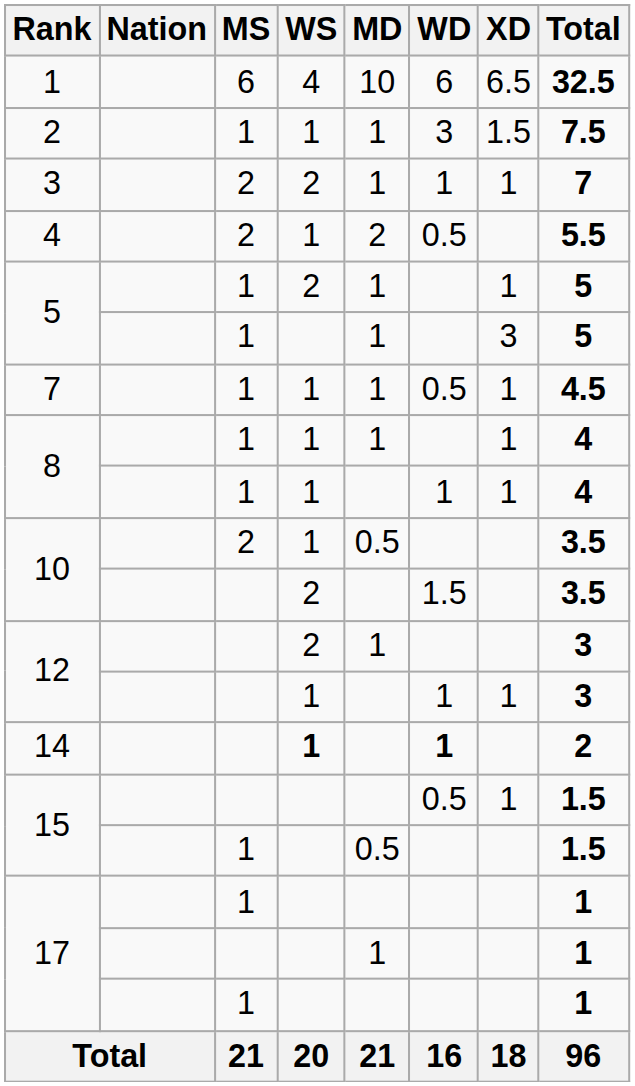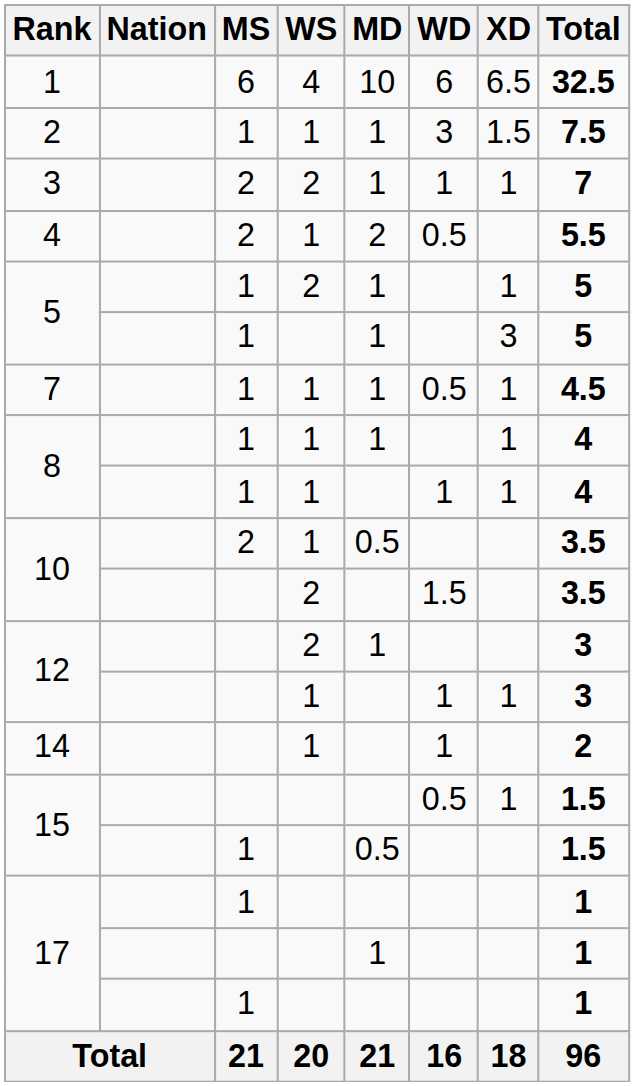 <table class="wikitable" style="text-align:center">
 <tr>
 <th width="20">Rank</th>
 <th>Nation</th>
 <th width="20">MS</th>
 <th width="20">WS</th>
 <th width="20">MD</th>
 <th width="20">WD</th>
 <th width="20">XD</th>
 <th>Total</th>
 </tr>
 <tr>
 <td>1</td>
 <td align=left><strong></strong></td>
 <td>6</td>
 <td>4</td>
 <td>10</td>
 <td>6</td>
 <td>6.5</td>
 <td><strong>32.5</strong></td>
 </tr>
 <tr>
 <td>2</td>
 <td align=left></td>
 <td>1</td>
 <td>1</td>
 <td>1</td>
 <td>3</td>
 <td>1.5</td>
 <td><strong>7.5</strong></td>
 </tr>
 <tr>
 <td>3</td>
 <td align=left></td>
 <td>2</td>
 <td>2</td>
 <td>1</td>
 <td>1</td>
 <td>1</td>
 <td><strong>7</strong></td>
 </tr>
 <tr>
 <td>4</td>
 <td align=left></td>
 <td>2</td>
 <td>1</td>
 <td>2</td>
 <td>0.5</td>
 <td></td>
 <td><strong>5.5</strong></td>
 </tr>
 <tr>
 <td rowspan=2>5</td>
 <td align=left></td>
 <td>1</td>
 <td>2</td>
 <td>1</td>
 <td></td>
 <td>1</td>
 <td><strong>5</strong></td>
 </tr>
 <tr>
 <td align=left></td>
 <td>1</td>
 <td></td>
 <td>1</td>
 <td></td>
 <td>3</td>
 <td><strong>5</strong></td>
 </tr>
 <tr>
 <td>7</td>
 <td align=left></td>
 <td>1</td>
 <td>1</td>
 <td>1</td>
 <td>0.5</td>
 <td>1</td>
 <td><strong>4.5</strong></td>
 </tr>
 <tr>
 <td rowspan=2>8</td>
 <td align=left></td>
 <td>1</td>
 <td>1</td>
 <td>1</td>
 <td></td>
 <td>1</td>
 <td><strong>4</strong></td>
 </tr>
 <tr>
 <td align=left></td>
 <td>1</td>
 <td>1</td>
 <td></td>
 <td>1</td>
 <td>1</td>
 <td><strong>4</strong></td>
 </tr>
 <tr>
 <td rowspan=2>10</td>
 <td align=left></td>
 <td>2</td>
 <td>1</td>
 <td>0.5</td>
 <td></td>
 <td></td>
 <td><strong>3.5</strong></td>
 </tr>
 <tr>
 <td align=left></td>
 <td></td>
 <td>2</td>
 <td></td>
 <td>1.5</td>
 <td></td>
 <td><strong>3.5</strong></td>
 </tr>
 <tr>
 <td rowspan=2>12</td>
 <td align=left></td>
 <td></td>
 <td>2</td>
 <td>1</td>
 <td></td>
 <td></td>
 <td><strong>3</strong></td>
 </tr>
 <tr>
 <td align=left></td>
 <td></td>
 <td>1</td>
 <td></td>
 <td>1</td>
 <td>1</td>
 <td><strong>3</strong></td>
 </tr>
 <tr>
 <td>14</td>
 <td align=left></td>
 <td></td>
-<td><strong>1</strong></td>
+<td>1</td>
 <td></td>
-<td><strong>1</strong></td>
+<td>1</td>
 <td></td>
 <td><strong>2</strong></td>
 </tr>
 <tr>
 <td rowspan=2>15</td>
 <td align=left></td>
 <td></td>
 <td></td>
 <td></td>
 <td>0.5</td>
 <td>1</td>
 <td><strong>1.5</strong></td>
 </tr>
 <tr>
 <td align=left></td>
 <td>1</td>
 <td></td>
 <td>0.5</td>
 <td></td>
 <td></td>
 <td><strong>1.5</strong></td>
 </tr>
 <tr>
 <td rowspan=3>17</td>
 <td align=left></td>
 <td>1</td>
 <td></td>
 <td></td>
 <td></td>
 <td></td>
 <td><strong>1</strong></td>
 </tr>
 <tr>
 <td align=left></td>
 <td></td>
 <td></td>
 <td>1</td>
 <td></td>
 <td></td>
 <td><strong>1</strong></td>
 </tr>
 <tr>
 <td align=left></td>
 <td>1</td>
 <td></td>
 <td></td>
 <td></td>
 <td></td>
 <td><strong>1</strong></td>
 </tr>
 <tr>
 <th colspan=2>Total</th>
 <th>21</th>
 <th>20</th>
 <th>21</th>
 <th>16</th>
 <th>18</th>
 <th>96</th>
 </tr>
 </table>
